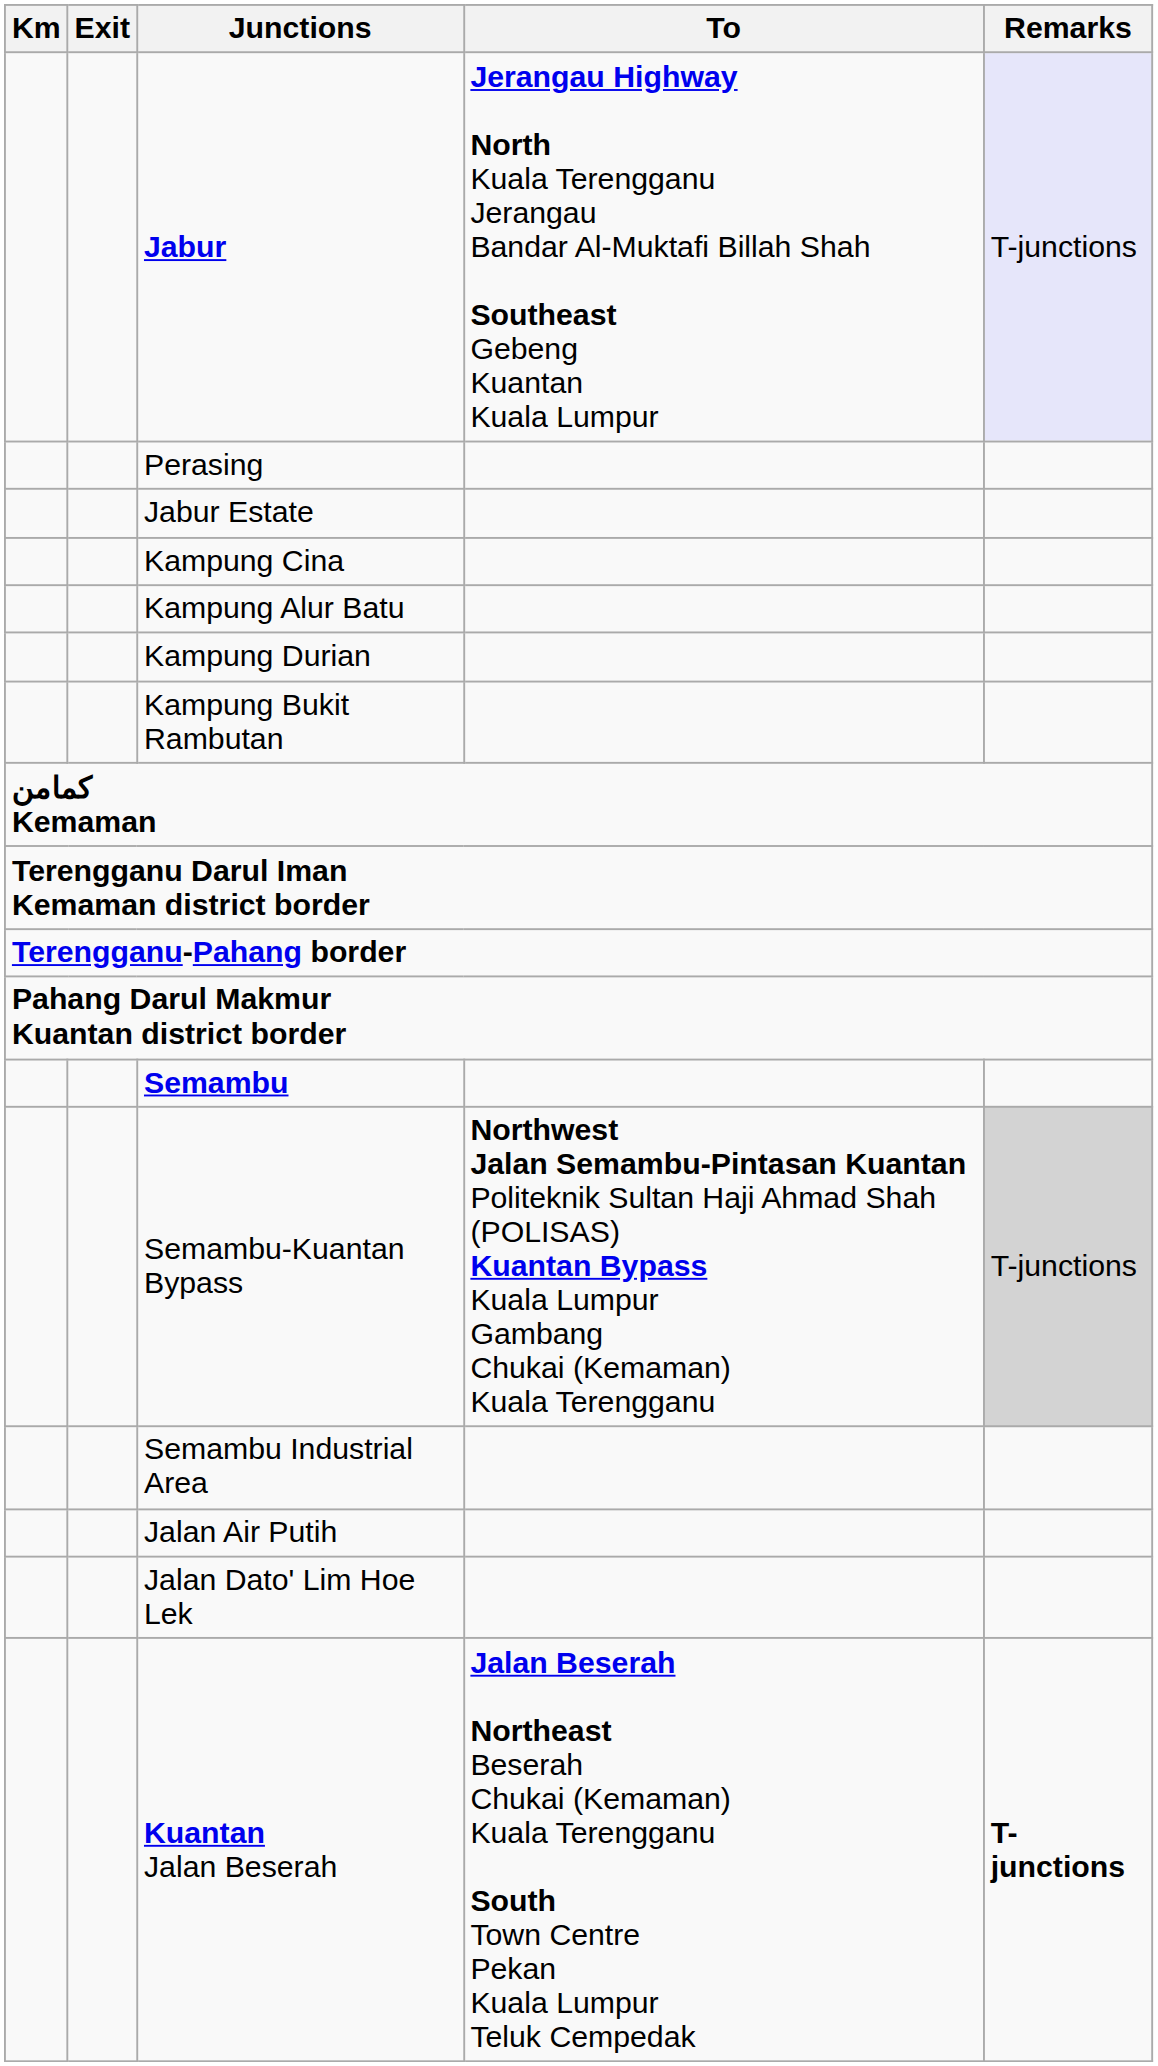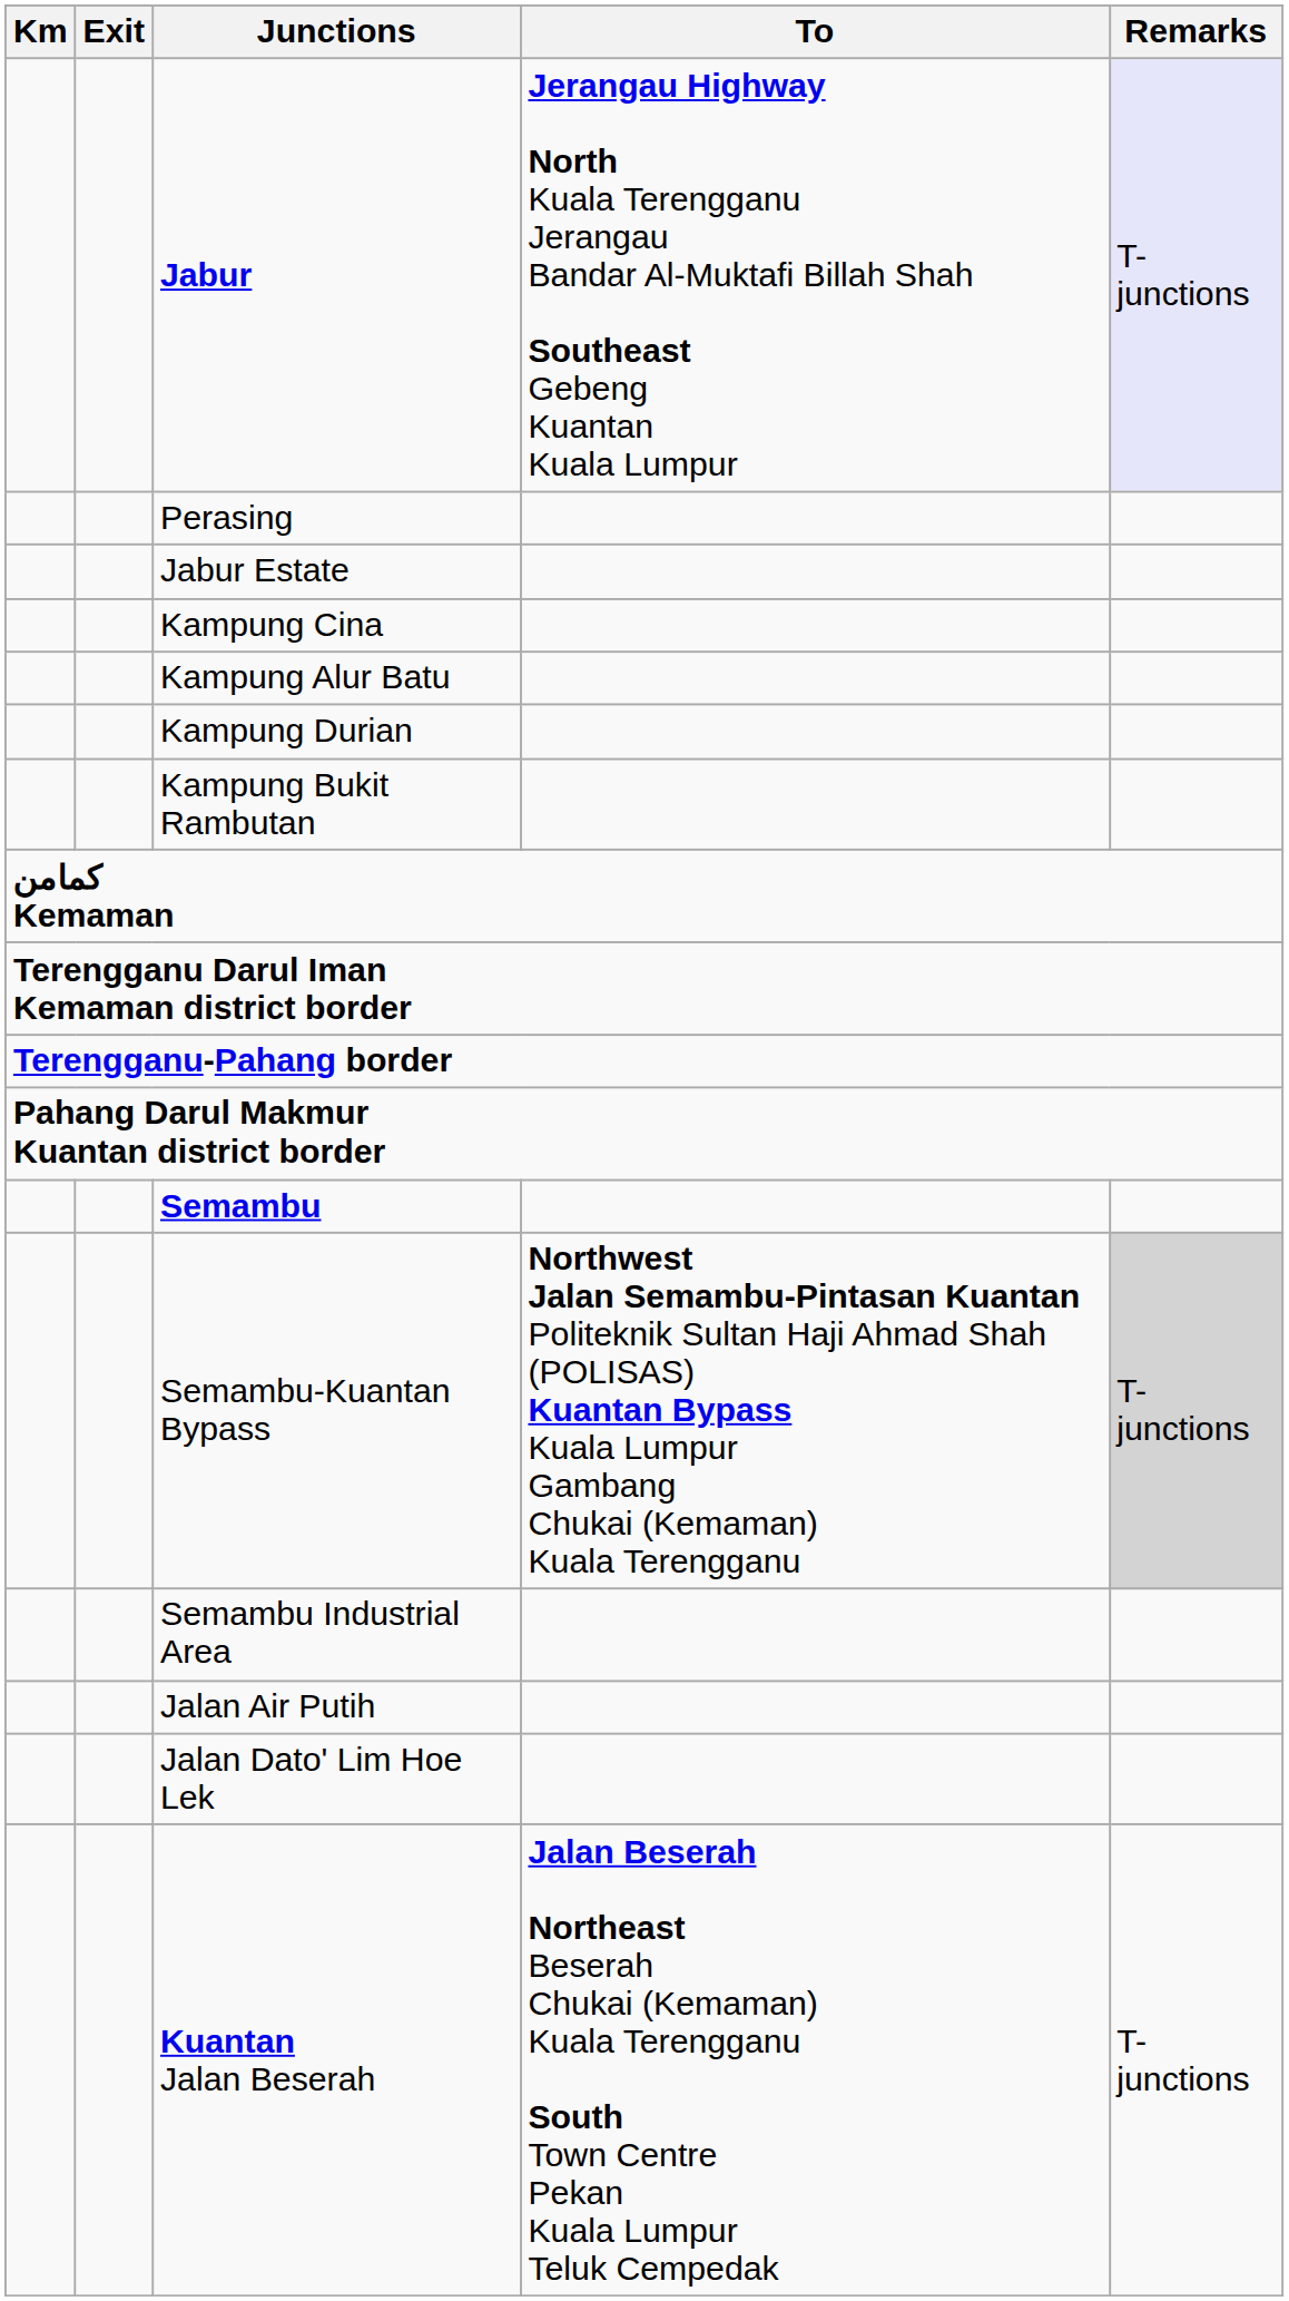 <table class="wikitable">
 <tr>
 <th>Km</th>
 <th>Exit</th>
 <th>Junctions</th>
 <th>To</th>
 <th>Remarks</th>
 </tr>
 <tr>
 <td></td>
 <td></td>
 <td><strong><a href='#'>Jabur</a></strong></td>
 <td> <strong><a href='#'>Jerangau Highway</a></strong><br><br><strong>North</strong><br>Kuala Terengganu<br>Jerangau<br>Bandar Al-Muktafi Billah Shah<br><br><strong>Southeast</strong><br>Gebeng<br>Kuantan<br>Kuala Lumpur</td>
 <td style="background: lavender;">T-junctions</td>
 </tr>
 <tr>
 <td></td>
 <td></td>
 <td>Perasing</td>
 <td></td>
 <td></td>
 </tr>
 <tr>
 <td></td>
 <td></td>
 <td>Jabur Estate</td>
 <td></td>
 <td></td>
 </tr>
 <tr>
 <td></td>
 <td></td>
 <td>Kampung Cina</td>
 <td></td>
 <td></td>
 </tr>
 <tr>
 <td></td>
 <td></td>
 <td>Kampung Alur Batu</td>
 <td></td>
 <td></td>
 </tr>
 <tr>
 <td></td>
 <td></td>
 <td>Kampung Durian</td>
 <td></td>
 <td></td>
 </tr>
 <tr>
 <td></td>
 <td></td>
 <td>Kampung Bukit Rambutan</td>
 <td></td>
 <td></td>
 </tr>
 <tr>
 <td style="width:600px" colspan="6" style="text-align:center; background:blue;"><strong><span>كمامن<br>Kemaman </span></strong></td>
 </tr>
 <tr>
 <td style="width:600px" colspan="6" style="text-align:center; background:blue;"><strong><span>Terengganu Darul Iman<br>Kemaman district border</span></strong></td>
 </tr>
 <tr>
 <td style="width:600px" colspan="6" style="text-align:center; background:yellow;"><strong><span><a href='#'>Terengganu</a>-<a href='#'>Pahang</a> border</span></strong></td>
 </tr>
 <tr>
 <td style="width:600px" colspan="6" style="text-align:center; background:blue;"><strong><span>Pahang Darul Makmur<br>Kuantan district border</span></strong></td>
 </tr>
 <tr>
 <td></td>
 <td></td>
 <td><strong><a href='#'>Semambu</a></strong></td>
 <td></td>
 <td></td>
 </tr>
 <tr>
 <td></td>
 <td></td>
 <td>Semambu-Kuantan Bypass</td>
 <td><strong>Northwest</strong><br><strong>Jalan Semambu-Pintasan Kuantan </strong><br>Politeknik Sultan Haji Ahmad Shah (POLISAS) <br>  <strong><a href='#'>Kuantan Bypass</a></strong><br>Kuala Lumpur<br>Gambang<br>Chukai (Kemaman)<br>Kuala Terengganu</td>
 <td style="background: lightgrey;">T-junctions</td>
 </tr>
 <tr>
 <td></td>
 <td></td>
 <td>Semambu Industrial Area</td>
 <td></td>
 <td></td>
 </tr>
 <tr>
 <td></td>
 <td></td>
 <td>Jalan Air Putih</td>
 <td></td>
 <td></td>
 </tr>
 <tr>
 <td></td>
 <td></td>
 <td>Jalan Dato' Lim Hoe Lek</td>
 <td></td>
 <td></td>
 </tr>
 <tr>
 <td></td>
 <td></td>
 <td><strong><a href='#'>Kuantan</a></strong><br>Jalan Beserah</td>
 <td> <strong><a href='#'>Jalan Beserah</a></strong><br><br><strong>Northeast</strong><br>Beserah<br>Chukai (Kemaman)<br>Kuala Terengganu<br><br><strong>South</strong><br>Town Centre<br>Pekan<br>Kuala Lumpur<br>Teluk Cempedak </td>
-<td><strong>T-junctions</strong></td>
+<td>T-junctions</td>
 </tr>
 </table>
